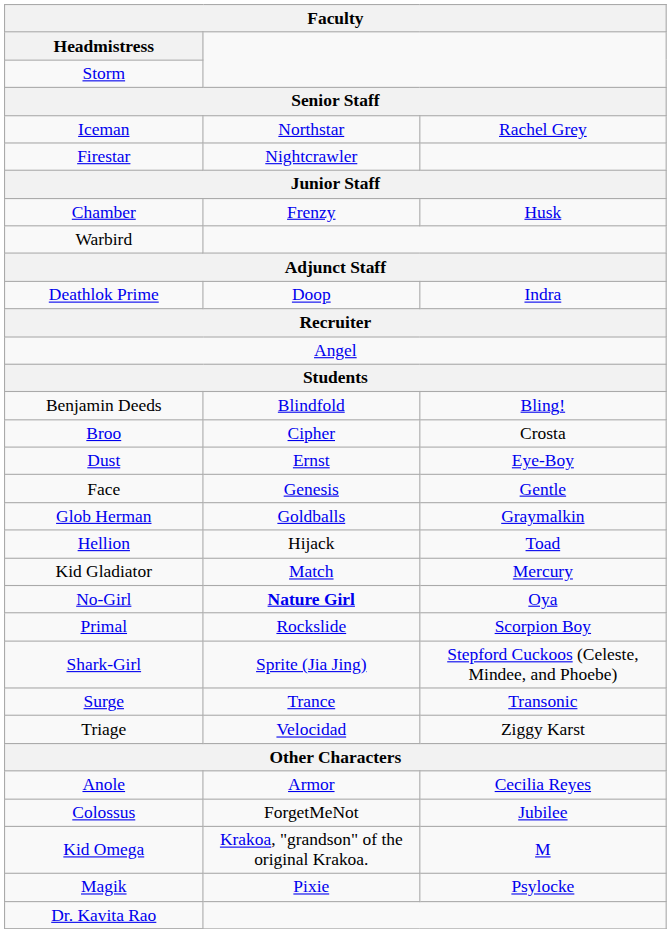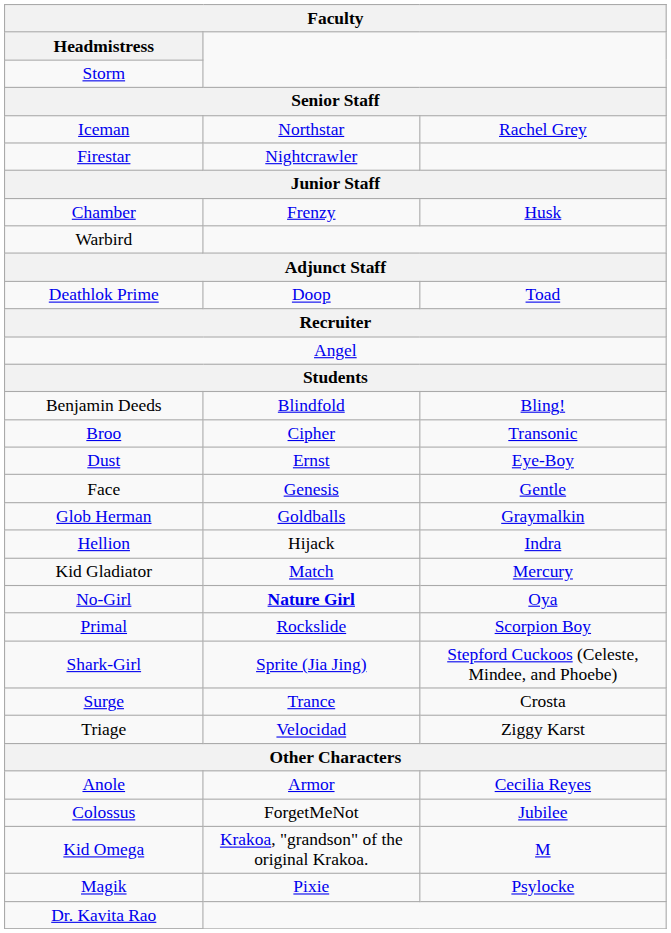 <table class="wikitable">
 <tr>
 <th align="center" width="100%" colspan="3">Faculty</th>
 </tr>
 <tr>
 <th align="center" width="30%">Headmistress</th>
 </tr>
 <tr>
 <td align="center"><a href='#'>Storm</a></td>
 </tr>
 <tr>
 <th align="center" width="100%" colspan="4">Senior Staff</th>
 </tr>
 <tr>
 <td align="center"><a href='#'>Iceman</a></td>
 <td align="center"><a href='#'>Northstar</a></td>
 <td align="center"><a href='#'>Rachel Grey</a></td>
 </tr>
 <tr>
 <td align="center"><a href='#'>Firestar</a></td>
 <td align="center"><a href='#'>Nightcrawler</a></td>
 </tr>
 <tr>
 <th align="center" width="100%" colspan="4">Junior Staff</th>
 </tr>
 <tr>
 <td align="center"><a href='#'>Chamber</a></td>
 <td align="center"><a href='#'>Frenzy</a></td>
 <td align="center"><a href='#'>Husk</a></td>
 </tr>
 <tr>
 <td align="center">Warbird</td>
 </tr>
 <tr>
 <th align="center" width="100%" colspan="3">Adjunct Staff</th>
 </tr>
 <tr>
 <td align="center"><a href='#'>Deathlok Prime</a></td>
 <td align="center"><a href='#'>Doop</a></td>
-<td align="center"><a href='#'>Indra</a></td>
+<td align="center"><a href='#'>Toad</a></td>
 </tr>
 <tr>
 <th align="center" width="100%" colspan="3">Recruiter</th>
 </tr>
 <tr>
 <td align="center"  colspan="3"><a href='#'>Angel</a></td>
 </tr>
 <tr>
 <th align="center" width="100%" colspan="3">Students</th>
 </tr>
 <tr>
 <td align="center">Benjamin Deeds</td>
 <td align="center"><a href='#'>Blindfold</a></td>
 <td align="center"><a href='#'>Bling!</a></td>
 </tr>
 <tr>
 <td align="center"><a href='#'>Broo</a></td>
 <td align="center"><a href='#'>Cipher</a></td>
-<td align="center">Crosta</td>
+<td align="center"><a href='#'>Transonic</a></td>
 </tr>
 <tr>
 <td align="center"><a href='#'>Dust</a></td>
 <td align="center"><a href='#'>Ernst</a></td>
 <td align="center"><a href='#'>Eye-Boy</a></td>
 </tr>
 <tr>
 <td align="center">Face</td>
 <td align="center"><a href='#'>Genesis</a></td>
 <td align="center"><a href='#'>Gentle</a></td>
 </tr>
 <tr>
 <td align="center"><a href='#'>Glob Herman</a></td>
 <td align="center"><a href='#'>Goldballs</a></td>
 <td align="center"><a href='#'>Graymalkin</a></td>
 </tr>
 <tr>
 <td align="center"><a href='#'>Hellion</a></td>
 <td align="center">Hijack</td>
-<td align="center"><a href='#'>Toad</a></td>
+<td align="center"><a href='#'>Indra</a></td>
 </tr>
 <tr>
 <td align="center">Kid Gladiator</td>
 <td align="center"><a href='#'>Match</a></td>
 <td align="center"><a href='#'>Mercury</a></td>
 </tr>
 <tr>
 <td align="center"><a href='#'>No-Girl</a></td>
 <td align="center"><strong><a href='#'>Nature Girl</a></strong></td>
 <td align="center"><a href='#'>Oya</a></td>
 </tr>
 <tr>
 <td align="center"><a href='#'>Primal</a></td>
 <td align="center"><a href='#'>Rockslide</a></td>
 <td align="center"><a href='#'>Scorpion Boy</a></td>
 </tr>
 <tr>
 <td align="center"><a href='#'>Shark-Girl</a></td>
 <td align="center"><a href='#'>Sprite (Jia Jing)</a></td>
 <td align="center"><a href='#'>Stepford Cuckoos</a> (Celeste, Mindee, and Phoebe)</td>
 </tr>
 <tr>
 <td align="center"><a href='#'>Surge</a></td>
 <td align="center"><a href='#'>Trance</a></td>
-<td align="center"><a href='#'>Transonic</a></td>
+<td align="center">Crosta</td>
 </tr>
 <tr>
 <td align="center">Triage</td>
 <td align="center"><a href='#'>Velocidad</a></td>
 <td align="center">Ziggy Karst</td>
 </tr>
 <tr>
 <th align="center" width="100%" colspan="3">Other Characters</th>
 </tr>
 <tr>
 <td align="center"><a href='#'>Anole</a></td>
 <td align="center"><a href='#'>Armor</a></td>
 <td align="center"><a href='#'>Cecilia Reyes</a></td>
 </tr>
 <tr>
 <td align="center"><a href='#'>Colossus</a></td>
 <td align="center">ForgetMeNot</td>
 <td align="center"><a href='#'>Jubilee</a></td>
 </tr>
 <tr>
 <td align="center"><a href='#'>Kid Omega</a></td>
 <td align="center"><a href='#'>Krakoa</a>, "grandson" of the original Krakoa.</td>
 <td align="center"><a href='#'>M</a></td>
 </tr>
 <tr>
 <td align="center"><a href='#'>Magik</a></td>
 <td align="center"><a href='#'>Pixie</a></td>
 <td align="center"><a href='#'>Psylocke</a></td>
 </tr>
 <tr>
 <td align="center"><a href='#'>Dr. Kavita Rao</a></td>
 </tr>
 <tr>
 </tr>
 </table>
